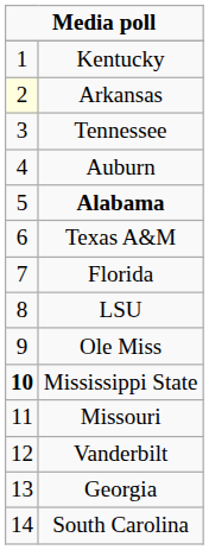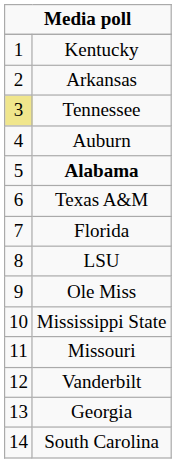 <table class="wikitable">
 <tr align="center">
 <td align="center" Colspan="3"><strong>Media poll</strong></td>
 </tr>
 <tr align="center">
 </tr>
 <tr align="center">
 <td>1</td>
 <td>Kentucky</td>
 </tr>
 <tr align="center">
-<td style="background: lightyellow;">2</td>
+<td>2</td>
 <td>Arkansas</td>
 </tr>
 <tr align="center">
-<td>3</td>
+<td style="background: khaki;">3</td>
 <td>Tennessee</td>
 </tr>
 <tr align="center">
 <td>4</td>
 <td>Auburn</td>
 </tr>
 <tr align="center">
 <td>5</td>
 <td><strong>Alabama</strong></td>
 </tr>
 <tr align="center">
 <td>6</td>
 <td>Texas A&M</td>
 </tr>
 <tr align="center">
 <td>7</td>
 <td>Florida</td>
 </tr>
 <tr align="center">
 <td>8</td>
 <td>LSU</td>
 </tr>
 <tr align="center">
 <td>9</td>
 <td>Ole Miss</td>
 </tr>
 <tr align="center">
-<td><strong>10</strong></td>
+<td>10</td>
 <td>Mississippi State</td>
 </tr>
 <tr align="center">
 <td>11</td>
 <td>Missouri</td>
 </tr>
 <tr align="center">
 <td>12</td>
 <td>Vanderbilt</td>
 </tr>
 <tr align="center">
 <td>13</td>
 <td>Georgia</td>
 </tr>
 <tr align="center">
 <td>14</td>
 <td>South Carolina</td>
 </tr>
 </table>
